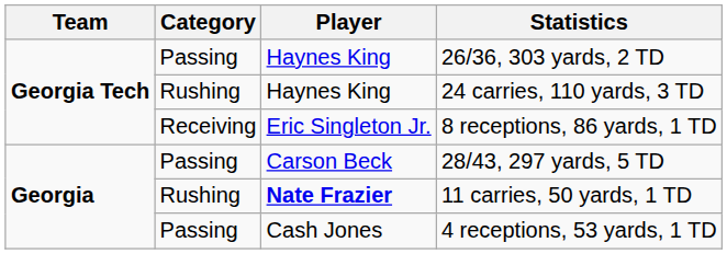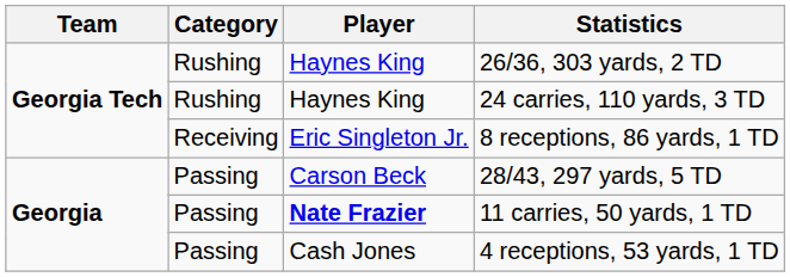 <table class="wikitable" style="float: right;">
 <tr>
 <th>Team</th>
 <th>Category</th>
 <th>Player</th>
 <th>Statistics</th>
 </tr>
 <tr>
 <td rowspan=3><strong>Georgia Tech</strong></td>
-<td>Passing</td>
+<td>Rushing</td>
 <td><a href='#'>Haynes King</a></td>
 <td>26/36, 303 yards, 2 TD</td>
 </tr>
 <tr>
 <td>Rushing</td>
 <td>Haynes King</td>
 <td>24 carries, 110 yards, 3 TD</td>
 </tr>
 <tr>
 <td>Receiving</td>
 <td><a href='#'>Eric Singleton Jr.</a></td>
 <td>8 receptions, 86 yards, 1 TD</td>
 </tr>
 <tr>
 <td rowspan=3><strong>Georgia</strong></td>
 <td>Passing</td>
 <td><a href='#'>Carson Beck</a></td>
 <td>28/43, 297 yards, 5 TD</td>
 </tr>
 <tr>
-<td>Rushing</td>
+<td>Passing</td>
 <td><strong><a href='#'>Nate Frazier</a></strong></td>
 <td>11 carries, 50 yards, 1 TD</td>
 </tr>
 <tr>
 <td>Passing</td>
 <td>Cash Jones</td>
 <td>4 receptions, 53 yards, 1 TD</td>
 </tr>
 </table>
